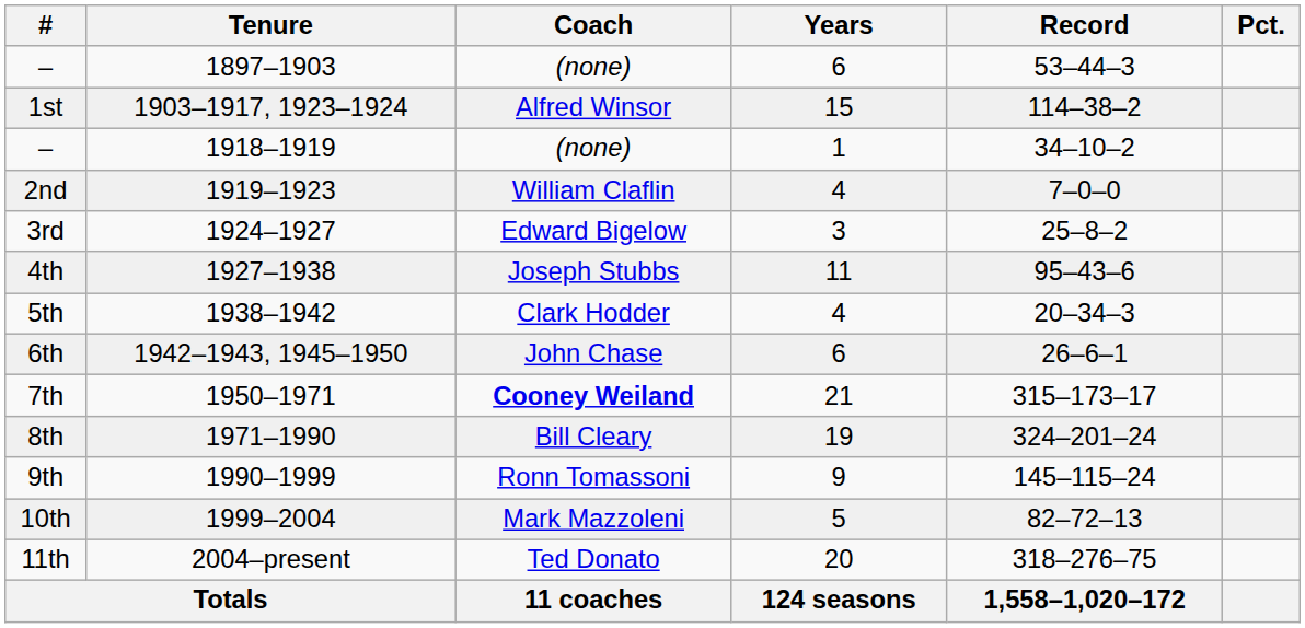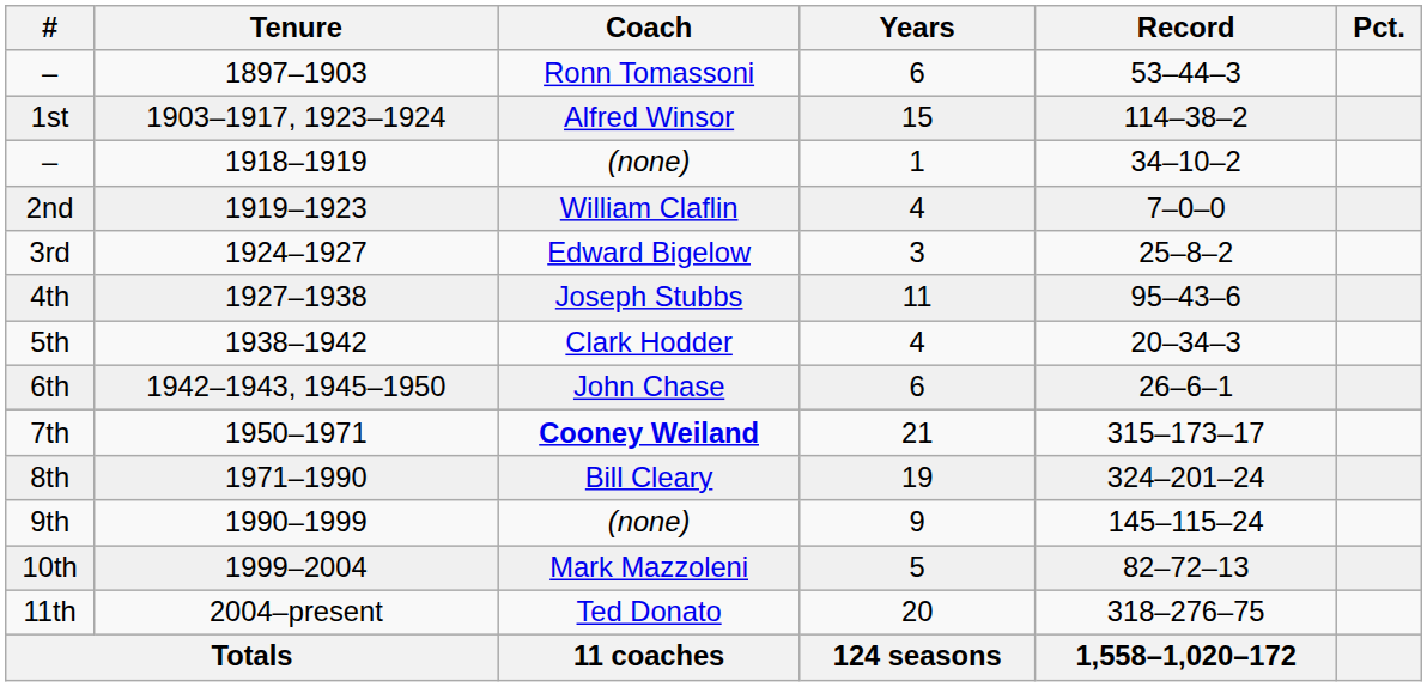 <table class= "wikitable" width=800>
 <tr>
 <th>#</th>
 <th>Tenure</th>
 <th>Coach</th>
 <th>Years</th>
 <th>Record</th>
 <th>Pct.</th>
 </tr>
 <tr align=center>
 <td>–</td>
 <td>1897–1903</td>
-<td><em>(none)</em></td>
+<td><a href='#'>Ronn Tomassoni</a></td>
 <td>6</td>
 <td>53–44–3</td>
 <td></td>
 </tr>
 <tr align=center bgcolor=f0f0f0>
 <td>1st</td>
 <td>1903–1917, 1923–1924</td>
 <td><a href='#'>Alfred Winsor</a></td>
 <td>15</td>
 <td>114–38–2</td>
 <td></td>
 </tr>
 <tr align=center>
 <td>–</td>
 <td>1918–1919</td>
 <td><em>(none)</em></td>
 <td>1</td>
 <td>34–10–2</td>
 <td></td>
 </tr>
 <tr align=center bgcolor=f0f0f0>
 <td>2nd</td>
 <td>1919–1923</td>
 <td><a href='#'>William Claflin</a></td>
 <td>4</td>
 <td>7–0–0</td>
 <td></td>
 </tr>
 <tr align=center>
 <td>3rd</td>
 <td>1924–1927</td>
 <td><a href='#'>Edward Bigelow</a></td>
 <td>3</td>
 <td>25–8–2</td>
 <td></td>
 </tr>
 <tr align=center bgcolor=f0f0f0>
 <td>4th</td>
 <td>1927–1938</td>
 <td><a href='#'>Joseph Stubbs</a></td>
 <td>11</td>
 <td>95–43–6</td>
 <td></td>
 </tr>
 <tr align=center>
 <td>5th</td>
 <td>1938–1942</td>
 <td><a href='#'>Clark Hodder</a></td>
 <td>4</td>
 <td>20–34–3</td>
 <td></td>
 </tr>
 <tr align=center bgcolor=f0f0f0>
 <td>6th</td>
 <td>1942–1943, 1945–1950</td>
 <td><a href='#'>John Chase</a></td>
 <td>6</td>
 <td>26–6–1</td>
 <td></td>
 </tr>
 <tr align=center>
 <td>7th</td>
 <td>1950–1971</td>
 <td><strong><a href='#'>Cooney Weiland</a></strong></td>
 <td>21</td>
 <td>315–173–17</td>
 <td></td>
 </tr>
 <tr align=center bgcolor=f0f0f0>
 <td>8th</td>
 <td>1971–1990</td>
 <td><a href='#'>Bill Cleary</a></td>
 <td>19</td>
 <td>324–201–24</td>
 <td></td>
 </tr>
 <tr align=center>
 <td>9th</td>
 <td>1990–1999</td>
-<td><a href='#'>Ronn Tomassoni</a></td>
+<td><em>(none)</em></td>
 <td>9</td>
 <td>145–115–24</td>
 <td></td>
 </tr>
 <tr align=center bgcolor=f0f0f0>
 <td>10th</td>
 <td>1999–2004</td>
 <td><a href='#'>Mark Mazzoleni</a></td>
 <td>5</td>
 <td>82–72–13</td>
 <td></td>
 </tr>
 <tr align=center>
 <td>11th</td>
 <td>2004–present</td>
 <td><a href='#'>Ted Donato</a></td>
 <td>20</td>
 <td>318–276–75</td>
 <td></td>
 </tr>
 <tr align=center>
 <th colspan=2>Totals</th>
 <th>11 coaches</th>
 <th>124 seasons</th>
 <th>1,558–1,020–172</th>
 <th></th>
 </tr>
 </table>
